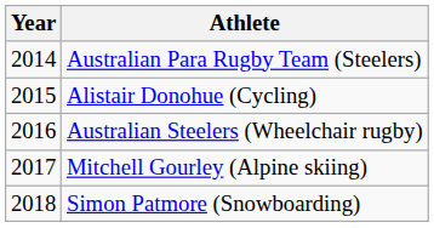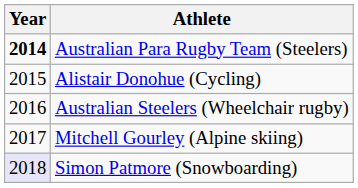 <table class="wikitable">
 <tr>
 <th>Year</th>
 <th>Athlete</th>
 </tr>
 <tr>
-<td>2014</td>
+<td><strong>2014</strong></td>
 <td><a href='#'>Australian Para Rugby Team</a> (Steelers)</td>
 </tr>
 <tr>
 <td>2015</td>
 <td><a href='#'>Alistair Donohue</a> (Cycling)</td>
 </tr>
 <tr>
 <td>2016</td>
 <td><a href='#'>Australian Steelers</a> (Wheelchair rugby)</td>
 </tr>
 <tr>
 <td>2017</td>
 <td><a href='#'>Mitchell Gourley</a> (Alpine skiing)</td>
 </tr>
 <tr>
-<td>2018</td>
+<td style="background: lavender;">2018</td>
 <td><a href='#'>Simon Patmore</a> (Snowboarding)</td>
 </tr>
 </table>
